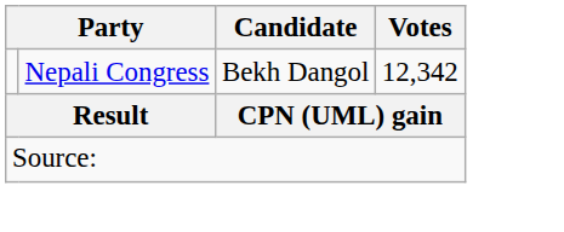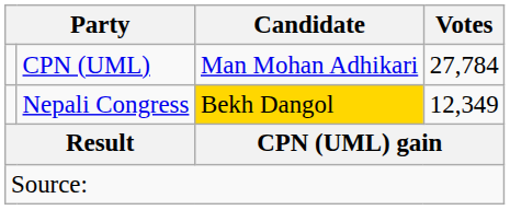 <table class="wikitable">
 <tr>
 <th colspan="2">Party</th>
 <th>Candidate</th>
 <th>Votes</th>
 </tr>
 <tr>
 <td style="background-color:"></td>
+<td><a href='#'>CPN (UML)</a></td>
+<td><a href='#'>Man Mohan Adhikari</a></td>
+<td>27,784</td>
+</tr>
+<tr>
+<td style="background-color:"></td>
 <td><a href='#'>Nepali Congress</a></td>
-<td>Bekh Dangol</td>
-<td>12,342</td>
+<td style="background: gold;">Bekh Dangol</td>
+<td>12,349</td>
 </tr>
 <tr>
 <th colspan="2">Result</th>
 <th colspan="2">CPN (UML) gain</th>
 </tr>
 <tr>
 <td colspan="4">Source: </td>
 </tr>
 </table>
